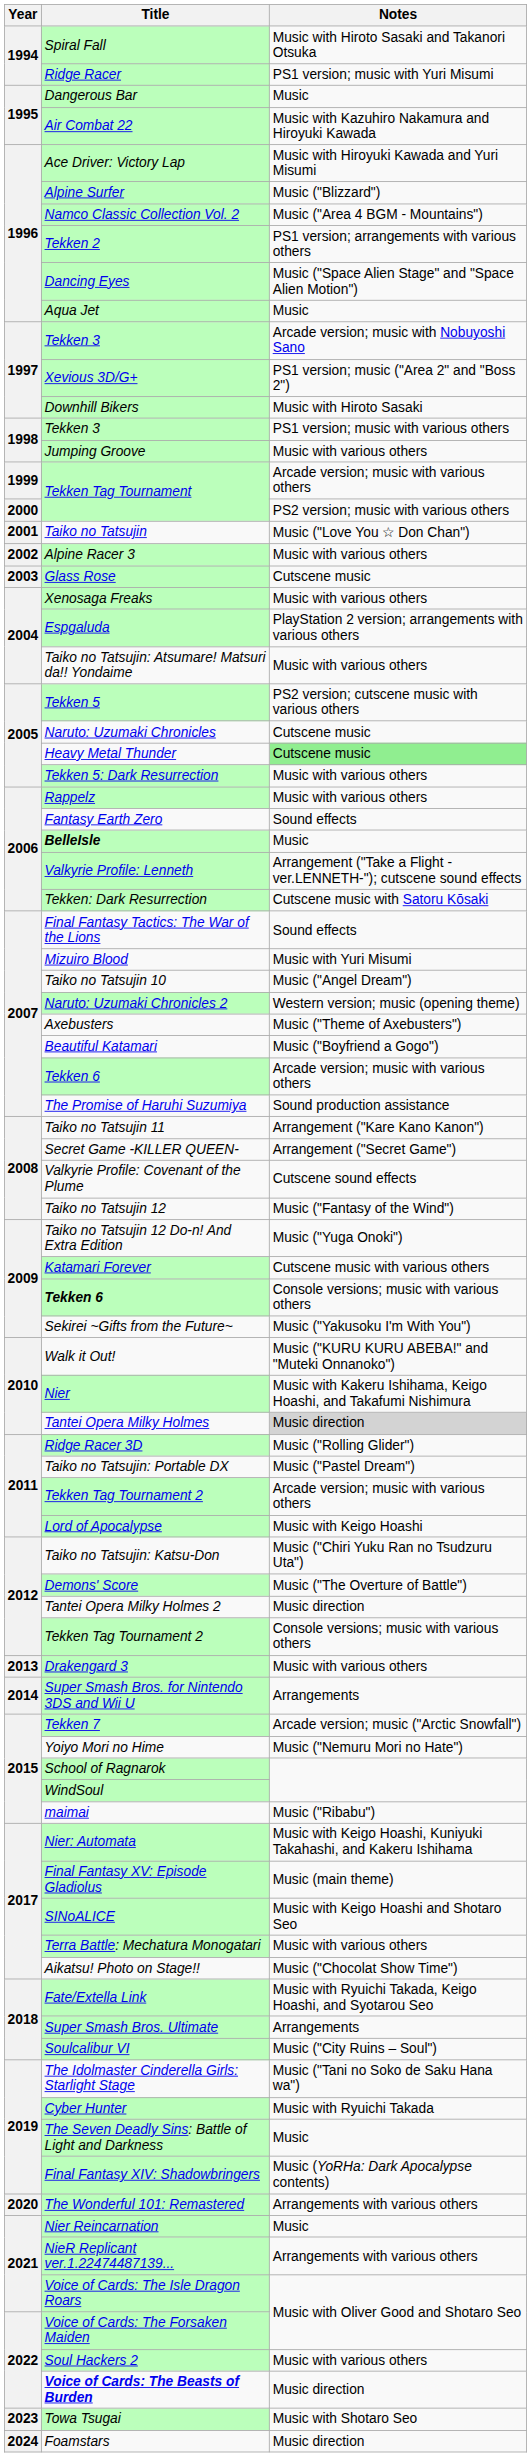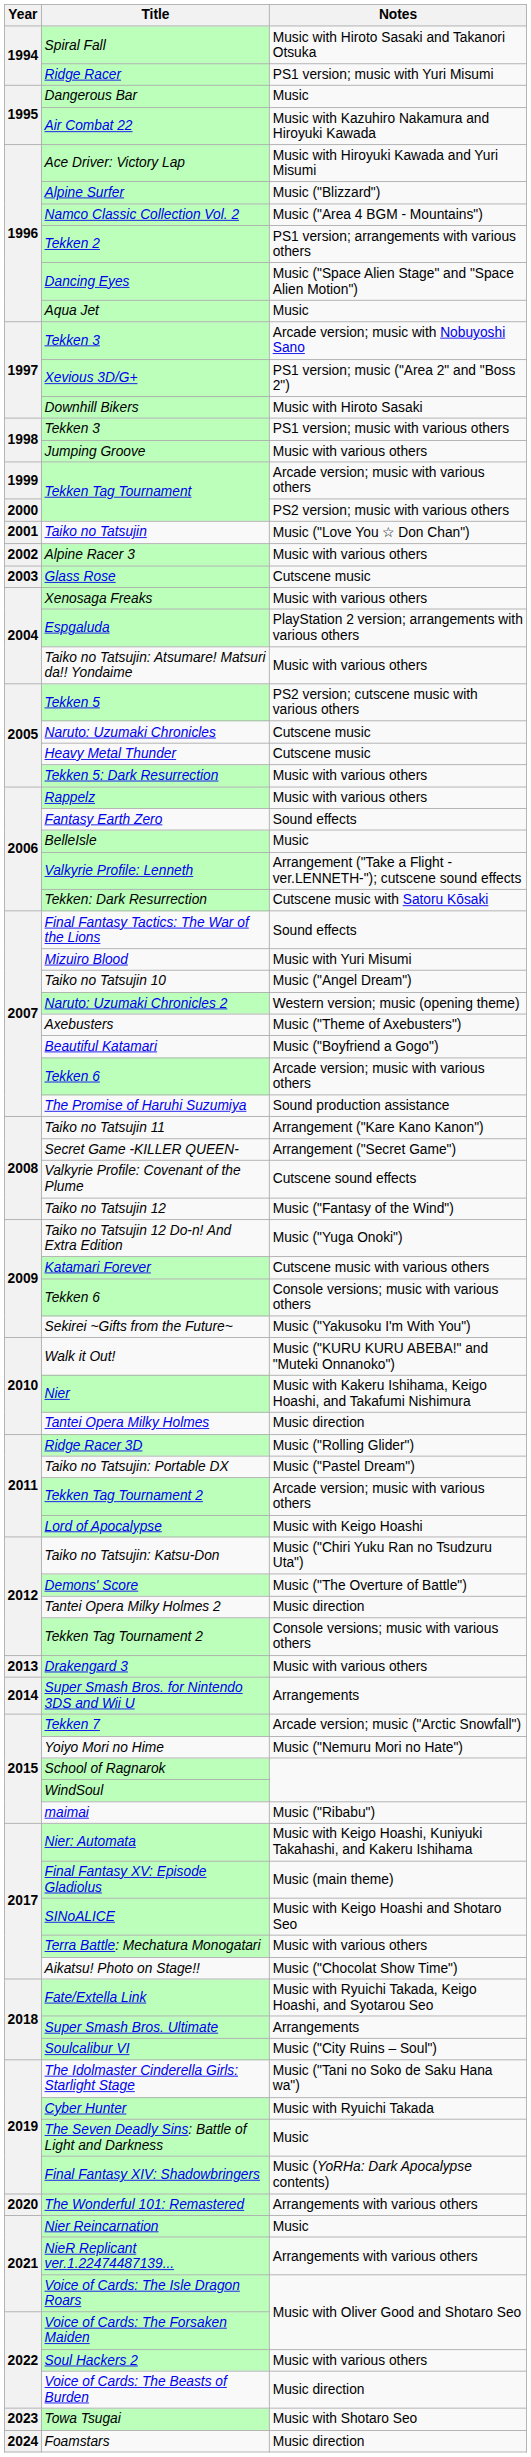 <table class="wikitable sortable" width="auto">
 <tr>
 <th>Year</th>
 <th>Title</th>
 <th class="unsortable">Notes</th>
 </tr>
 <tr>
 <th rowspan="2">1994</th>
 <td style="background:#bbffbb;"><em>Spiral Fall</em></td>
 <td>Music with Hiroto Sasaki and Takanori Otsuka</td>
 </tr>
 <tr>
 <td style="background:#bbffbb;"><em><a href='#'>Ridge Racer</a></em></td>
 <td>PS1 version; music with Yuri Misumi</td>
 </tr>
 <tr>
 <th rowspan="2">1995</th>
 <td style="background:#bbffbb;"><em>Dangerous Bar</em></td>
 <td>Music</td>
 </tr>
 <tr>
 <td style="background:#bbffbb;"><em><a href='#'>Air Combat 22</a></em></td>
 <td>Music with Kazuhiro Nakamura and Hiroyuki Kawada</td>
 </tr>
 <tr>
 <th rowspan="6">1996</th>
 <td style="background:#bbffbb;"><em>Ace Driver: Victory Lap</em></td>
 <td>Music with Hiroyuki Kawada and Yuri Misumi</td>
 </tr>
 <tr>
 <td style="background:#bbffbb;"><em><a href='#'>Alpine Surfer</a></em></td>
 <td>Music ("Blizzard")</td>
 </tr>
 <tr>
 <td style="background:#bbffbb;"><em><a href='#'>Namco Classic Collection Vol. 2</a></em></td>
 <td>Music ("Area 4 BGM - Mountains")</td>
 </tr>
 <tr>
 <td style="background:#bbffbb;"><em><a href='#'>Tekken 2</a></em></td>
 <td>PS1 version; arrangements with various others</td>
 </tr>
 <tr>
 <td style="background:#bbffbb;"><em><a href='#'>Dancing Eyes</a></em></td>
 <td>Music ("Space Alien Stage" and "Space Alien Motion")</td>
 </tr>
 <tr>
 <td style="background:#bbffbb;"><em>Aqua Jet</em></td>
 <td>Music</td>
 </tr>
 <tr>
 <th rowspan="3">1997</th>
 <td style="background:#bbffbb;"><em><a href='#'>Tekken 3</a></em></td>
 <td>Arcade version; music with <a href='#'>Nobuyoshi Sano</a></td>
 </tr>
 <tr>
 <td style="background:#bbffbb;"><em><a href='#'>Xevious 3D/G+</a></em></td>
 <td>PS1 version; music ("Area 2" and "Boss 2")</td>
 </tr>
 <tr>
 <td style="background:#bbffbb;"><em>Downhill Bikers</em></td>
 <td>Music with Hiroto Sasaki</td>
 </tr>
 <tr>
 <th rowspan="2">1998</th>
 <td style="background:#bbffbb;"><em>Tekken 3</em></td>
 <td>PS1 version; music with various others</td>
 </tr>
 <tr>
 <td style="background:#bbffbb;"><em>Jumping Groove</em></td>
 <td>Music with various others</td>
 </tr>
 <tr>
 <th>1999</th>
 <td rowspan="2" style="background:#bbffbb;"><em><a href='#'>Tekken Tag Tournament</a></em></td>
 <td>Arcade version; music with various others</td>
 </tr>
 <tr>
 <th>2000</th>
 <td>PS2 version; music with various others</td>
 </tr>
 <tr>
 <th>2001</th>
 <td><em><a href='#'>Taiko no Tatsujin</a></em></td>
 <td>Music ("Love You ☆ Don Chan")</td>
 </tr>
 <tr>
 <th>2002</th>
 <td style="background:#bbffbb;"><em>Alpine Racer 3</em></td>
 <td>Music with various others</td>
 </tr>
 <tr>
 <th>2003</th>
 <td style="background:#bbffbb;"><em><a href='#'>Glass Rose</a></em></td>
 <td>Cutscene music</td>
 </tr>
 <tr>
 <th rowspan="3">2004</th>
 <td style="background:#bbffbb;"><em>Xenosaga Freaks</em></td>
 <td>Music with various others</td>
 </tr>
 <tr>
 <td style="background:#bbffbb;"><em><a href='#'>Espgaluda</a></em></td>
 <td>PlayStation 2 version; arrangements with various others</td>
 </tr>
 <tr>
 <td><em>Taiko no Tatsujin: Atsumare! Matsuri da!! Yondaime</em></td>
 <td>Music with various others</td>
 </tr>
 <tr>
 <th rowspan="4">2005</th>
 <td style="background:#bbffbb;"><em><a href='#'>Tekken 5</a></em></td>
 <td>PS2 version; cutscene music with various others</td>
 </tr>
 <tr>
 <td><em><a href='#'>Naruto: Uzumaki Chronicles</a></em></td>
 <td>Cutscene music</td>
 </tr>
 <tr>
 <td><em><a href='#'>Heavy Metal Thunder</a></em></td>
-<td style="background: lightgreen;">Cutscene music</td>
+<td>Cutscene music</td>
 </tr>
 <tr>
 <td style="background:#bbffbb;"><em><a href='#'>Tekken 5: Dark Resurrection</a></em></td>
 <td>Music with various others</td>
 </tr>
 <tr>
 <th rowspan="5">2006</th>
 <td style="background:#bbffbb;"><em><a href='#'>Rappelz</a></em></td>
 <td>Music with various others</td>
 </tr>
 <tr>
 <td><em><a href='#'>Fantasy Earth Zero</a></em></td>
 <td>Sound effects</td>
 </tr>
 <tr>
-<td style="background:#bbffbb;"><strong><em>BelleIsle</em></strong></td>
+<td style="background:#bbffbb;"><em>BelleIsle</em></td>
 <td>Music</td>
 </tr>
 <tr>
 <td style="background:#bbffbb;"><em><a href='#'>Valkyrie Profile: Lenneth</a></em></td>
 <td>Arrangement ("Take a Flight -ver.LENNETH-"); cutscene sound effects</td>
 </tr>
 <tr>
 <td style="background:#bbffbb;"><em>Tekken: Dark Resurrection</em></td>
 <td>Cutscene music with <a href='#'>Satoru Kōsaki</a></td>
 </tr>
 <tr>
 <th rowspan="8">2007</th>
 <td><em><a href='#'>Final Fantasy Tactics: The War of the Lions</a></em></td>
 <td>Sound effects</td>
 </tr>
 <tr>
 <td><em><a href='#'>Mizuiro Blood</a></em></td>
 <td>Music with Yuri Misumi</td>
 </tr>
 <tr>
 <td><em>Taiko no Tatsujin 10</em></td>
 <td>Music ("Angel Dream")</td>
 </tr>
 <tr>
 <td style="background:#bbffbb;"><em><a href='#'>Naruto: Uzumaki Chronicles 2</a></em></td>
 <td>Western version; music (opening theme)</td>
 </tr>
 <tr>
 <td><em>Axebusters</em></td>
 <td>Music ("Theme of Axebusters")</td>
 </tr>
 <tr>
 <td><em><a href='#'>Beautiful Katamari</a></em></td>
 <td>Music ("Boyfriend a Gogo")</td>
 </tr>
 <tr>
 <td style="background:#bbffbb;"><em><a href='#'>Tekken 6</a></em></td>
 <td>Arcade version; music with various others</td>
 </tr>
 <tr>
 <td><em><a href='#'>The Promise of Haruhi Suzumiya</a></em></td>
 <td>Sound production assistance</td>
 </tr>
 <tr>
 <th rowspan="4">2008</th>
 <td><em>Taiko no Tatsujin 11</em></td>
 <td>Arrangement ("Kare Kano Kanon")</td>
 </tr>
 <tr>
 <td><em>Secret Game -KILLER QUEEN-</em></td>
 <td>Arrangement ("Secret Game")</td>
 </tr>
 <tr>
 <td><em>Valkyrie Profile: Covenant of the Plume</em></td>
 <td>Cutscene sound effects</td>
 </tr>
 <tr>
 <td><em>Taiko no Tatsujin 12</em></td>
 <td>Music ("Fantasy of the Wind")</td>
 </tr>
 <tr>
 <th rowspan="4">2009</th>
 <td><em>Taiko no Tatsujin 12 Do-n! And Extra Edition</em></td>
 <td>Music ("Yuga Onoki")</td>
 </tr>
 <tr>
 <td style="background:#bbffbb;"><em><a href='#'>Katamari Forever</a></em></td>
 <td>Cutscene music with various others</td>
 </tr>
 <tr>
-<td style="background:#bbffbb;"><strong><em>Tekken 6</em></strong></td>
+<td style="background:#bbffbb;"><em>Tekken 6</em></td>
 <td>Console versions; music with various others</td>
 </tr>
 <tr>
 <td><em>Sekirei ~Gifts from the Future~</em></td>
 <td>Music ("Yakusoku I'm With You")</td>
 </tr>
 <tr>
 <th rowspan="3">2010</th>
 <td><em>Walk it Out!</em></td>
 <td>Music ("KURU KURU ABEBA!" and "Muteki Onnanoko")</td>
 </tr>
 <tr>
 <td style="background:#bbffbb;"><em><a href='#'>Nier</a></em></td>
 <td>Music with Kakeru Ishihama, Keigo Hoashi, and Takafumi Nishimura</td>
 </tr>
 <tr>
 <td><em><a href='#'>Tantei Opera Milky Holmes</a></em></td>
-<td style="background: lightgrey;">Music direction</td>
+<td>Music direction</td>
 </tr>
 <tr>
 <th rowspan="4">2011</th>
 <td style="background:#bbffbb;"><em><a href='#'>Ridge Racer 3D</a></em></td>
 <td>Music ("Rolling Glider")</td>
 </tr>
 <tr>
 <td><em>Taiko no Tatsujin: Portable DX</em></td>
 <td>Music ("Pastel Dream")</td>
 </tr>
 <tr>
 <td style="background:#bbffbb;"><em><a href='#'>Tekken Tag Tournament 2</a></em></td>
 <td>Arcade version; music with various others</td>
 </tr>
 <tr>
 <td style="background:#bbffbb;"><em><a href='#'>Lord of Apocalypse</a></em></td>
 <td>Music with Keigo Hoashi</td>
 </tr>
 <tr>
 <th rowspan="4">2012</th>
 <td><em>Taiko no Tatsujin: Katsu-Don</em></td>
 <td>Music ("Chiri Yuku Ran no Tsudzuru Uta")</td>
 </tr>
 <tr>
 <td style="background:#bbffbb;"><em><a href='#'>Demons' Score</a></em></td>
 <td>Music ("The Overture of Battle")</td>
 </tr>
 <tr>
 <td><em>Tantei Opera Milky Holmes 2</em></td>
 <td>Music direction</td>
 </tr>
 <tr>
 <td style="background:#bbffbb;"><em>Tekken Tag Tournament 2</em></td>
 <td>Console versions; music with various others</td>
 </tr>
 <tr>
 <th rowspan="1">2013</th>
 <td style="background:#bbffbb;"><em><a href='#'>Drakengard 3</a></em></td>
 <td>Music with various others</td>
 </tr>
 <tr>
 <th>2014</th>
 <td style="background:#bbffbb;"><em><a href='#'>Super Smash Bros. for Nintendo 3DS and Wii U</a></em></td>
 <td>Arrangements</td>
 </tr>
 <tr>
 <th rowspan="5">2015</th>
 <td style="background:#bbffbb;"><em><a href='#'>Tekken 7</a></em></td>
 <td>Arcade version; music ("Arctic Snowfall")</td>
 </tr>
 <tr>
 <td><em>Yoiyo Mori no Hime</em></td>
 <td>Music ("Nemuru Mori no Hate")</td>
 </tr>
 <tr>
 <td style="background:#bbffbb;"><em>School of Ragnarok</em></td>
 <td rowspan="2"></td>
 </tr>
 <tr>
 <td style="background:#bbffbb;"><em>WindSoul</em></td>
 </tr>
 <tr>
 <td><em><a href='#'>maimai</a></em></td>
 <td>Music ("Ribabu")</td>
 </tr>
 <tr>
 <th rowspan="5">2017</th>
 <td style="background:#bbffbb;"><em><a href='#'>Nier: Automata</a></em></td>
 <td>Music with Keigo Hoashi, Kuniyuki Takahashi, and Kakeru Ishihama</td>
 </tr>
 <tr>
 <td style="background:#bbffbb;"><em><a href='#'>Final Fantasy XV: Episode Gladiolus</a></em></td>
 <td>Music (main theme)</td>
 </tr>
 <tr>
 <td style="background:#bbffbb;"><em><a href='#'>SINoALICE</a></em></td>
 <td>Music with Keigo Hoashi and Shotaro Seo</td>
 </tr>
 <tr>
 <td style="background:#bbffbb;"><em><a href='#'>Terra Battle</a>: Mechatura Monogatari</em></td>
 <td>Music with various others</td>
 </tr>
 <tr>
 <td><em>Aikatsu! Photo on Stage!!</em></td>
 <td>Music ("Chocolat Show Time")</td>
 </tr>
 <tr>
 <th rowspan="3">2018</th>
 <td style="background:#bbffbb;"><em><a href='#'>Fate/Extella Link</a></em></td>
 <td>Music with Ryuichi Takada, Keigo Hoashi, and Syotarou Seo</td>
 </tr>
 <tr>
 <td style="background:#bbffbb;"><em><a href='#'>Super Smash Bros. Ultimate</a></em></td>
 <td>Arrangements</td>
 </tr>
 <tr>
 <td style="background:#bbffbb;"><em><a href='#'>Soulcalibur VI</a></em></td>
 <td>Music ("City Ruins – Soul")</td>
 </tr>
 <tr>
 <th rowspan="4">2019</th>
 <td><em><a href='#'>The Idolmaster Cinderella Girls: Starlight Stage</a></em></td>
 <td>Music ("Tani no Soko de Saku Hana wa")</td>
 </tr>
 <tr>
 <td style="background:#bbffbb;"><em><a href='#'>Cyber Hunter</a></em></td>
 <td>Music with Ryuichi Takada</td>
 </tr>
 <tr>
 <td style="background:#bbffbb;"><em><a href='#'>The Seven Deadly Sins</a>: Battle of Light and Darkness</em></td>
 <td>Music</td>
 </tr>
 <tr>
 <td style="background:#bbffbb;"><em><a href='#'>Final Fantasy XIV: Shadowbringers</a></em></td>
 <td>Music (<em>YoRHa: Dark Apocalypse</em> contents)</td>
 </tr>
 <tr>
 <th>2020</th>
 <td style="background:#bbffbb;"><em><a href='#'>The Wonderful 101: Remastered</a></em></td>
 <td>Arrangements with various others</td>
 </tr>
 <tr>
 <th rowspan="3">2021</th>
 <td style="background:#bbffbb;"><em><a href='#'>Nier Reincarnation</a></em></td>
 <td>Music</td>
 </tr>
 <tr>
 <td style="background:#bbffbb;"><em><a href='#'>NieR Replicant ver.1.22474487139...</a></em></td>
 <td>Arrangements with various others</td>
 </tr>
 <tr>
 <td style="background:#bbffbb;"><em><a href='#'>Voice of Cards: The Isle Dragon Roars</a></em></td>
 <td rowspan="2">Music with Oliver Good and Shotaro Seo</td>
 </tr>
 <tr>
 <th rowspan="3">2022</th>
 <td style="background:#bbffbb;"><em><a href='#'>Voice of Cards: The Forsaken Maiden</a></em></td>
 </tr>
 <tr>
 <td style="background:#bbffbb;"><em><a href='#'>Soul Hackers 2</a></em></td>
 <td>Music with various others</td>
 </tr>
 <tr>
-<td><strong><em><a href='#'>Voice of Cards: The Beasts of Burden</a></em></strong></td>
+<td><em><a href='#'>Voice of Cards: The Beasts of Burden</a></em></td>
 <td>Music direction</td>
 </tr>
 <tr>
 <th rowspan="1">2023</th>
 <td style="background:#bbffbb;"><em>Towa Tsugai</em></td>
 <td>Music with Shotaro Seo</td>
 </tr>
 <tr>
 <th rowspan="1">2024</th>
 <td><em>Foamstars</em></td>
 <td>Music direction</td>
 </tr>
 </table>
